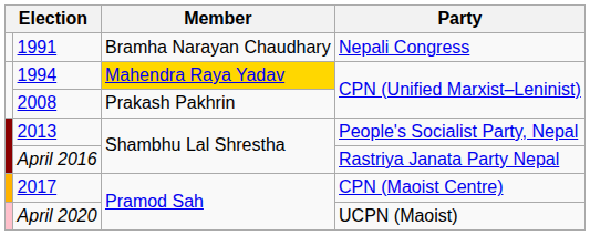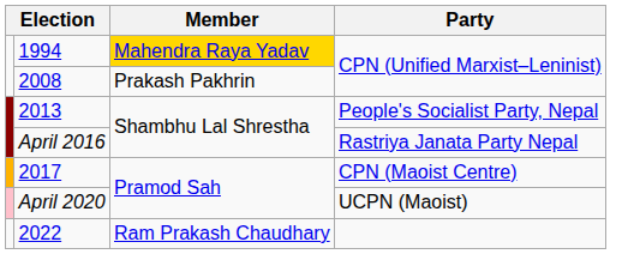 <table class="wikitable">
 <tr>
 <th colspan="2">Election</th>
 <th>Member</th>
 <th>Party</th>
-</tr>
-<tr>
-<td style="background-color:"></td>
-<td><a href='#'>1991</a></td>
-<td>Bramha Narayan Chaudhary</td>
-<td><a href='#'>Nepali Congress</a></td>
 </tr>
 <tr>
 <td rowspan="2" style="background-color:"></td>
 <td><a href='#'>1994</a></td>
 <td style="background: gold;"><a href='#'>Mahendra Raya Yadav</a></td>
 <td rowspan="2"><a href='#'>CPN (Unified Marxist–Leninist)</a></td>
 </tr>
 <tr>
 <td><a href='#'>2008</a></td>
 <td>Prakash Pakhrin</td>
 </tr>
 <tr>
 <td rowspan="2" style="background-color:darkred"></td>
 <td><a href='#'>2013</a></td>
 <td rowspan="2">Shambhu Lal Shrestha</td>
 <td><a href='#'>People's Socialist Party, Nepal</a></td>
 </tr>
 <tr>
 <td><em>April 2016</em></td>
 <td><a href='#'>Rastriya Janata Party Nepal</a></td>
 </tr>
 <tr>
 <td style="background-color:#ffb300"></td>
 <td><a href='#'>2017</a></td>
 <td rowspan="2"><a href='#'>Pramod Sah</a></td>
 <td><a href='#'>CPN (Maoist Centre)</a></td>
 </tr>
 <tr>
 <td style="background-color:pink"></td>
 <td><em>April 2020</em></td>
 <td>UCPN (Maoist)</td>
 </tr>
 <tr>
+<td></td>
+<td><a href='#'>2022</a></td>
+<td><a href='#'>Ram Prakash Chaudhary</a></td>
+<td></td>
+</tr>
+<tr>
 </tr>
 </table>
